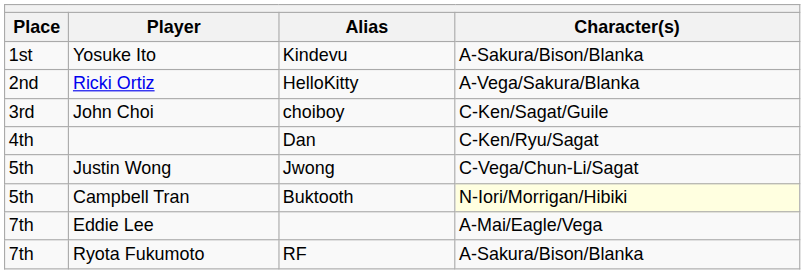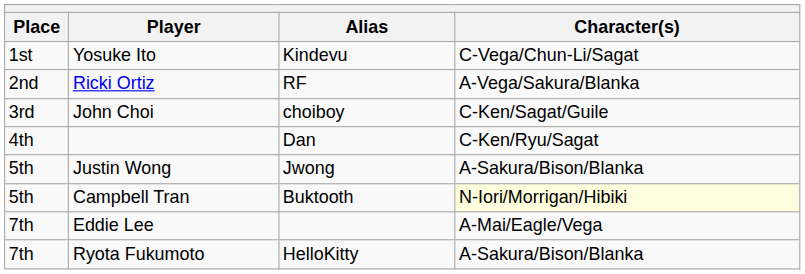 <table class="wikitable">
 <tr>
 <th colspan=6></th>
 </tr>
 <tr>
 <th style="width:50px;">Place</th>
 <th style="width:180px;">Player</th>
 <th style="width:150px;">Alias</th>
 <th style="width:300px;">Character(s)</th>
 </tr>
 <tr>
 <td>1st</td>
 <td> Yosuke Ito</td>
 <td>Kindevu</td>
-<td>A-Sakura/Bison/Blanka</td>
+<td>C-Vega/Chun-Li/Sagat</td>
 </tr>
 <tr>
 <td>2nd</td>
 <td> <a href='#'>Ricki Ortiz</a></td>
-<td>HelloKitty</td>
+<td>RF</td>
 <td>A-Vega/Sakura/Blanka</td>
 </tr>
 <tr>
 <td>3rd</td>
 <td> John Choi</td>
 <td>choiboy</td>
 <td>C-Ken/Sagat/Guile</td>
 </tr>
 <tr>
 <td>4th</td>
 <td></td>
 <td>Dan</td>
 <td>C-Ken/Ryu/Sagat</td>
 </tr>
 <tr>
 <td>5th</td>
 <td> Justin Wong</td>
 <td>Jwong</td>
-<td>C-Vega/Chun-Li/Sagat</td>
+<td>A-Sakura/Bison/Blanka</td>
 </tr>
 <tr>
 <td>5th</td>
 <td> Campbell Tran</td>
 <td>Buktooth</td>
 <td style="background: lightyellow;">N-Iori/Morrigan/Hibiki</td>
 </tr>
 <tr>
 <td>7th</td>
 <td> Eddie Lee</td>
 <td></td>
 <td>A-Mai/Eagle/Vega</td>
 </tr>
 <tr>
 <td>7th</td>
 <td> Ryota Fukumoto</td>
-<td>RF</td>
+<td>HelloKitty</td>
 <td>A-Sakura/Bison/Blanka</td>
 </tr>
 </table>
